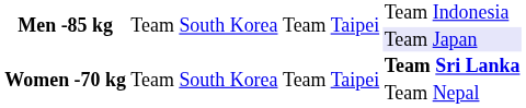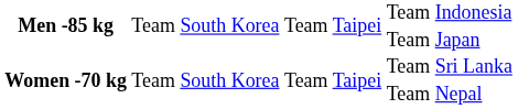 <table>
 <tr>
 <th scope=row rowspan=2>Men -85 kg</th>
 <td rowspan=2> Team <a href='#'>South Korea</a></td>
 <td rowspan=2> Team <a href='#'>Taipei</a></td>
 <td> Team <a href='#'>Indonesia</a></td>
 </tr>
 <tr>
-<td style="background: lavender;"> Team <a href='#'>Japan</a></td>
+<td> Team <a href='#'>Japan</a></td>
 </tr>
 <tr>
 <th scope=row rowspan=2>Women -70 kg</th>
 <td rowspan=2> Team <a href='#'>South Korea</a></td>
 <td rowspan=2> Team <a href='#'>Taipei</a></td>
-<td><strong> Team <a href='#'>Sri Lanka</a></strong></td>
+<td> Team <a href='#'>Sri Lanka</a></td>
 </tr>
 <tr>
 <td> Team <a href='#'>Nepal</a></td>
 </tr>
 </table>
